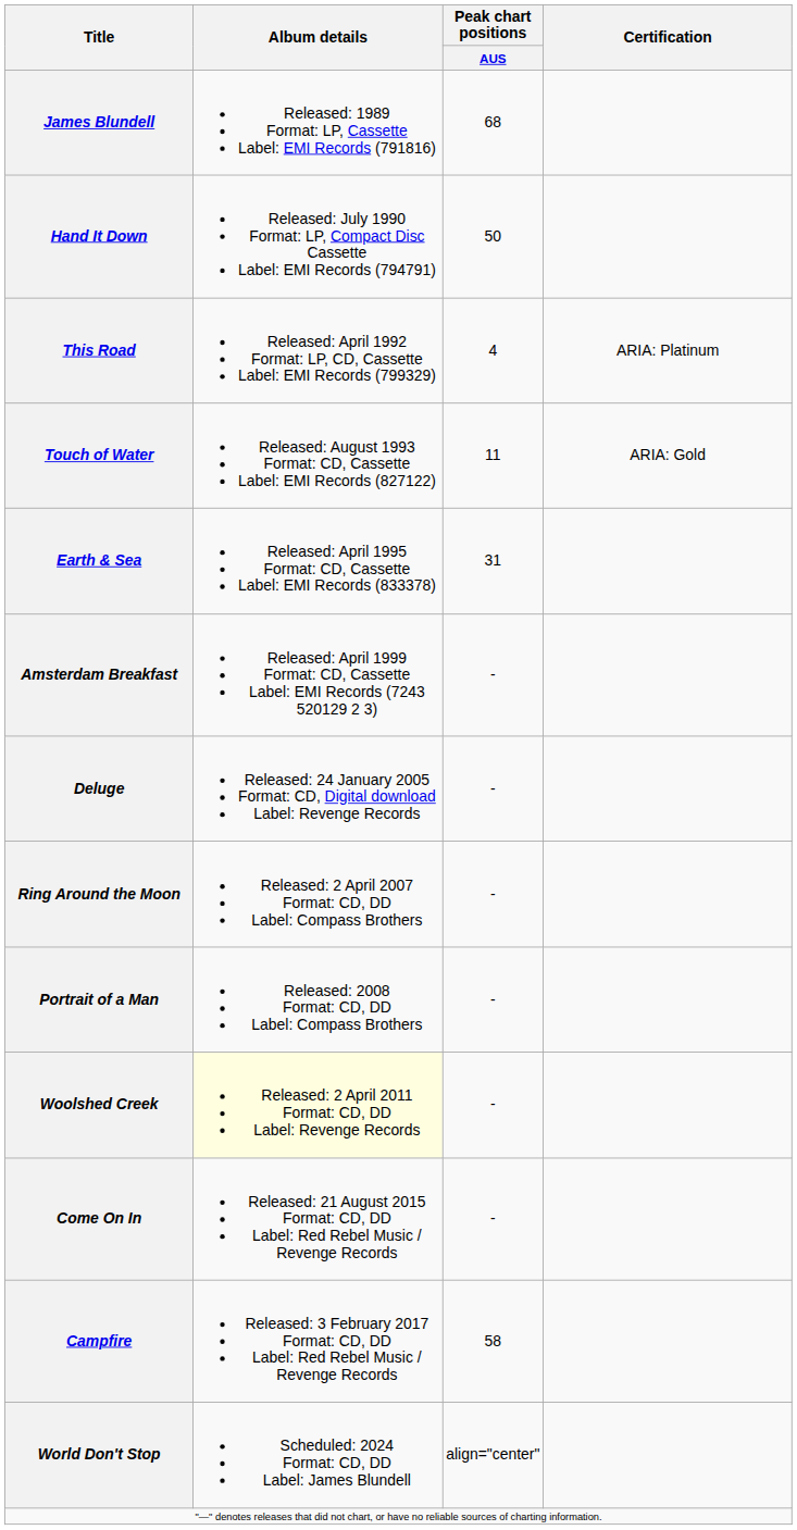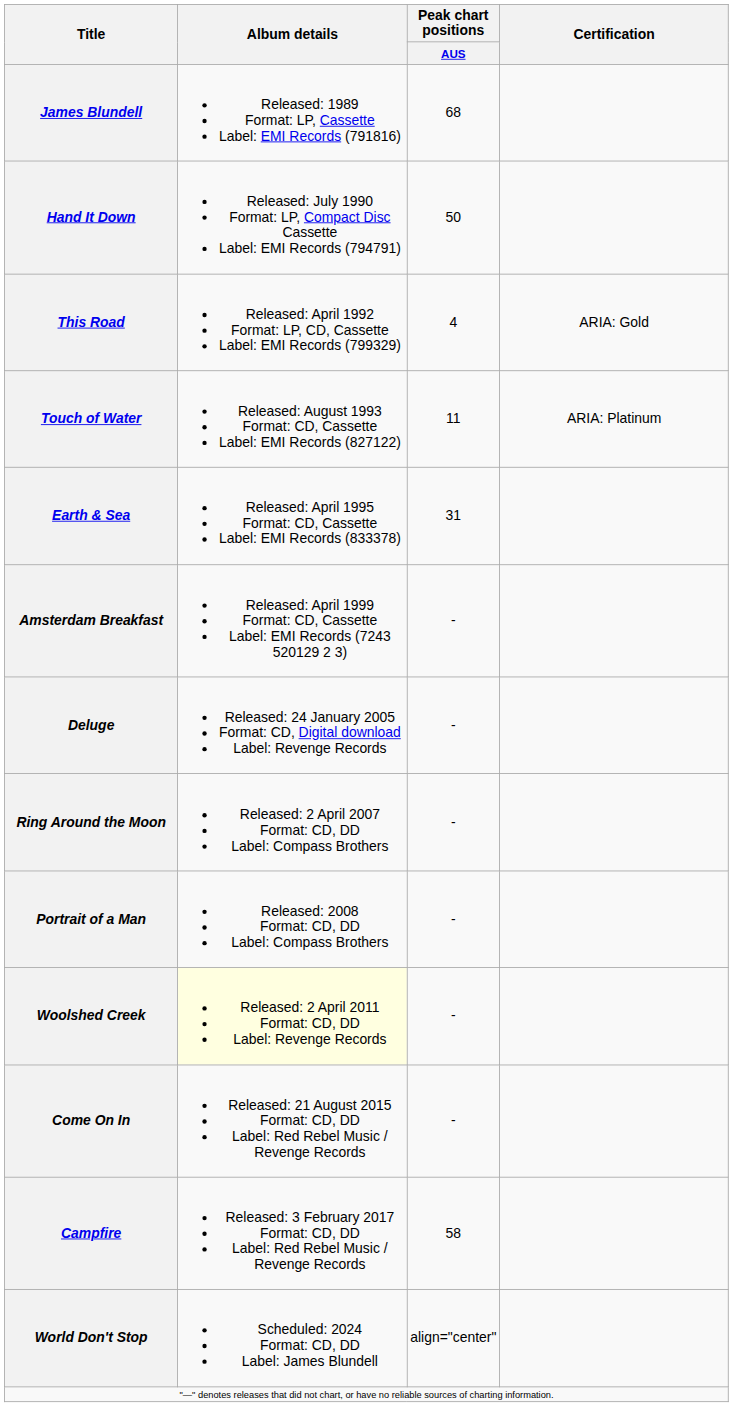 <table class="wikitable plainrowheaders" style="text-align:center;" border="1">
 <tr>
 <th scope="col" rowspan="2" style="width:12em;">Title</th>
 <th scope="col" rowspan="2" style="width:16em;">Album details</th>
 <th scope="col" colspan="1">Peak chart<br>positions</th>
 <th scope="col" rowspan="2" style="width:16em;">Certification</th>
 </tr>
 <tr>
 <th scope="col" style="text-align:center;"><small><a href='#'>AUS</a><br></small></th>
 </tr>
 <tr>
 <th scope="row"><em><a href='#'>James Blundell</a></em></th>
 <td><br><ul><li>Released: 1989</li><li>Format: LP, <a href='#'>Cassette</a></li><li>Label: <a href='#'>EMI Records</a> (791816)</li></ul></td>
 <td align="center">68</td>
 <td></td>
 </tr>
 <tr>
 <th scope="row"><em><a href='#'>Hand It Down</a></em></th>
 <td><br><ul><li>Released: July 1990</li><li>Format: LP, <a href='#'>Compact Disc</a> Cassette</li><li>Label: EMI Records (794791)</li></ul></td>
 <td align="center">50</td>
 <td></td>
 </tr>
 <tr>
 <th scope="row"><em><a href='#'>This Road</a></em></th>
 <td><br><ul><li>Released: April 1992</li><li>Format: LP, CD, Cassette</li><li>Label: EMI Records (799329)</li></ul></td>
 <td align="center">4</td>
-<td>ARIA: Platinum </td>
+<td>ARIA: Gold </td>
 </tr>
 <tr>
 <th scope="row"><em><a href='#'>Touch of Water</a></em></th>
 <td><br><ul><li>Released: August 1993</li><li>Format: CD, Cassette</li><li>Label: EMI Records (827122)</li></ul></td>
 <td align="center">11</td>
-<td>ARIA: Gold </td>
+<td>ARIA: Platinum </td>
 </tr>
 <tr>
 <th scope="row"><em><a href='#'>Earth & Sea</a></em></th>
 <td><br><ul><li>Released: April 1995</li><li>Format: CD, Cassette</li><li>Label: EMI Records (833378)</li></ul></td>
 <td align="center">31</td>
 <td></td>
 </tr>
 <tr>
 <th scope="row"><em>Amsterdam Breakfast</em></th>
 <td><br><ul><li>Released: April 1999</li><li>Format: CD, Cassette</li><li>Label: EMI Records (7243 520129 2 3)</li></ul></td>
 <td align="center">-</td>
 <td></td>
 </tr>
 <tr>
 <th scope="row"><em>Deluge</em></th>
 <td><br><ul><li>Released: 24 January 2005</li><li>Format: CD, <a href='#'>Digital download</a></li><li>Label: Revenge Records</li></ul></td>
 <td align="center">-</td>
 <td></td>
 </tr>
 <tr>
 <th scope="row"><em>Ring Around the Moon</em></th>
 <td><br><ul><li>Released: 2 April 2007</li><li>Format: CD, DD</li><li>Label: Compass Brothers</li></ul></td>
 <td align="center">-</td>
 <td></td>
 </tr>
 <tr>
 <th scope="row"><em>Portrait of a Man</em></th>
 <td><br><ul><li>Released: 2008</li><li>Format: CD, DD</li><li>Label: Compass Brothers</li></ul></td>
 <td align="center">-</td>
 <td></td>
 </tr>
 <tr>
 <th scope="row"><em>Woolshed Creek</em></th>
 <td style="background: lightyellow;"><br><ul><li>Released: 2 April 2011</li><li>Format: CD, DD</li><li>Label: Revenge Records</li></ul></td>
 <td align="center">-</td>
 <td></td>
 </tr>
 <tr>
 <th scope="row"><em>Come On In</em></th>
 <td><br><ul><li>Released: 21 August 2015</li><li>Format: CD, DD</li><li>Label: Red Rebel Music / Revenge Records</li></ul></td>
 <td align="center">-</td>
 <td></td>
 </tr>
 <tr>
 <th scope="row"><em><a href='#'>Campfire</a></em></th>
 <td><br><ul><li>Released: 3 February 2017</li><li>Format: CD, DD</li><li>Label: Red Rebel Music / Revenge Records</li></ul></td>
 <td align="center">58</td>
 <td></td>
 </tr>
 <tr>
 <th scope="row"><em>World Don't Stop</em></th>
 <td><br><ul><li>Scheduled: 2024</li><li>Format: CD, DD</li><li>Label: James Blundell</li></ul></td>
 <td>align="center" </td>
 <td></td>
 </tr>
 <tr>
 <td align="center" colspan="5" style="font-size: 8pt">"—" denotes releases that did not chart, or have no reliable sources of charting information.</td>
 </tr>
 </table>
